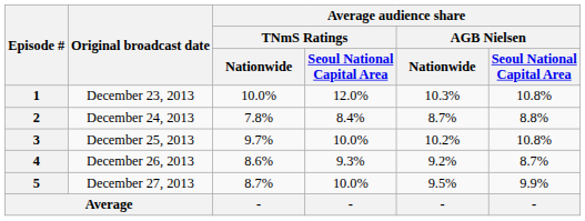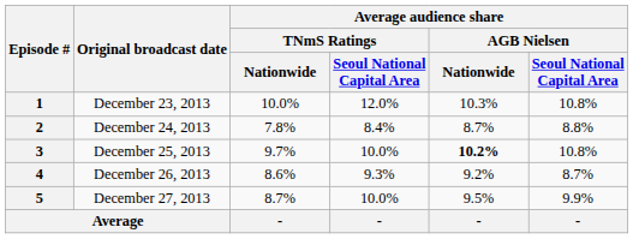 <table class=wikitable style="text-align:center">
 <tr>
 <th rowspan="3">Episode #</th>
 <th rowspan="3">Original broadcast date</th>
 <th colspan="4">Average audience share</th>
 </tr>
 <tr>
 <th colspan="2">TNmS Ratings</th>
 <th colspan="2">AGB Nielsen</th>
 </tr>
 <tr>
 <th width=100>Nationwide</th>
 <th width=100><a href='#'>Seoul National Capital Area</a></th>
 <th width=100>Nationwide</th>
 <th width=100><a href='#'>Seoul National Capital Area</a></th>
 </tr>
 <tr>
 <th>1</th>
 <td>December 23, 2013</td>
 <td>10.0%</td>
 <td>12.0%</td>
 <td>10.3%</td>
 <td>10.8%</td>
 </tr>
 <tr>
 <th>2</th>
 <td>December 24, 2013</td>
 <td>7.8%</td>
 <td>8.4%</td>
 <td>8.7%</td>
 <td>8.8%</td>
 </tr>
 <tr>
 <th>3</th>
 <td>December 25, 2013</td>
 <td>9.7%</td>
 <td>10.0%</td>
-<td>10.2%</td>
+<td><strong>10.2%</strong></td>
 <td>10.8%</td>
 </tr>
 <tr>
 <th>4</th>
 <td>December 26, 2013</td>
 <td>8.6%</td>
 <td>9.3%</td>
 <td>9.2%</td>
 <td>8.7%</td>
 </tr>
 <tr>
 <th>5</th>
 <td>December 27, 2013</td>
 <td>8.7%</td>
 <td>10.0%</td>
 <td>9.5%</td>
 <td>9.9%</td>
 </tr>
 <tr>
 <th colspan=2>Average</th>
 <th>-</th>
 <th>-</th>
 <th>-</th>
 <th>-</th>
 </tr>
 </table>
